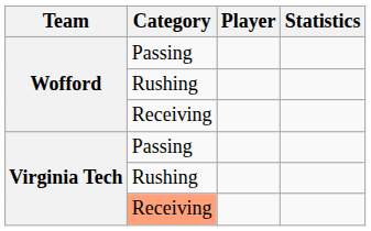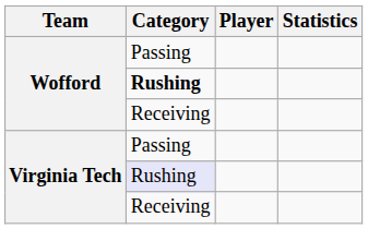 <table class="wikitable" style="float:right">
 <tr>
 <th>Team</th>
 <th>Category</th>
 <th>Player</th>
 <th>Statistics</th>
 </tr>
 <tr>
 <th rowspan=3>Wofford</th>
 <td>Passing</td>
 <td></td>
 <td></td>
 </tr>
 <tr>
-<td>Rushing</td>
+<td><strong>Rushing</strong></td>
 <td></td>
 <td></td>
 </tr>
 <tr>
 <td>Receiving</td>
 <td></td>
 <td></td>
 </tr>
 <tr>
 <th rowspan=3>Virginia Tech</th>
 <td>Passing</td>
 <td></td>
 <td></td>
 </tr>
 <tr>
-<td>Rushing</td>
+<td style="background: lavender;">Rushing</td>
 <td></td>
 <td></td>
 </tr>
 <tr>
-<td style="background: lightsalmon;">Receiving</td>
+<td>Receiving</td>
 <td></td>
 <td></td>
 </tr>
 </table>
